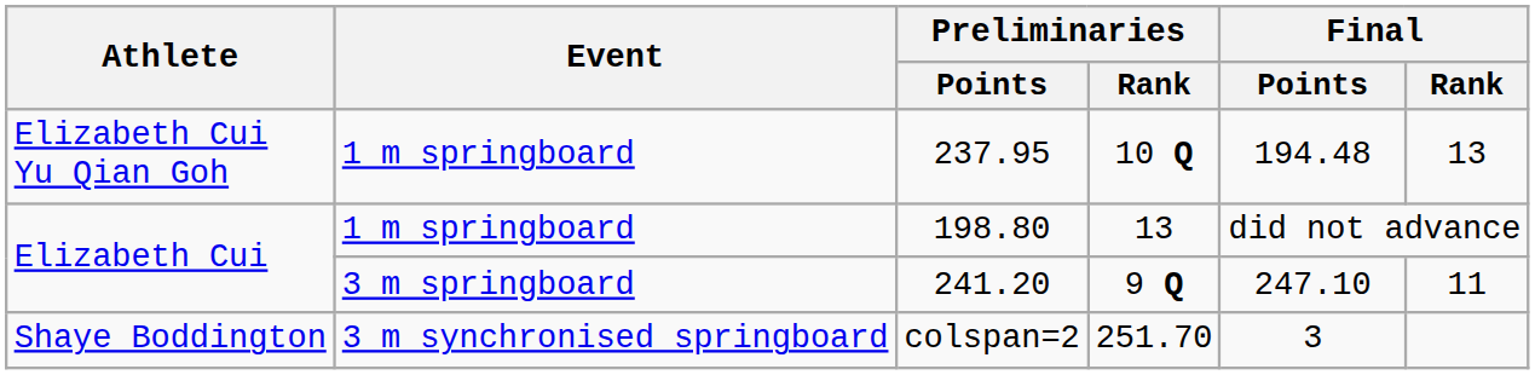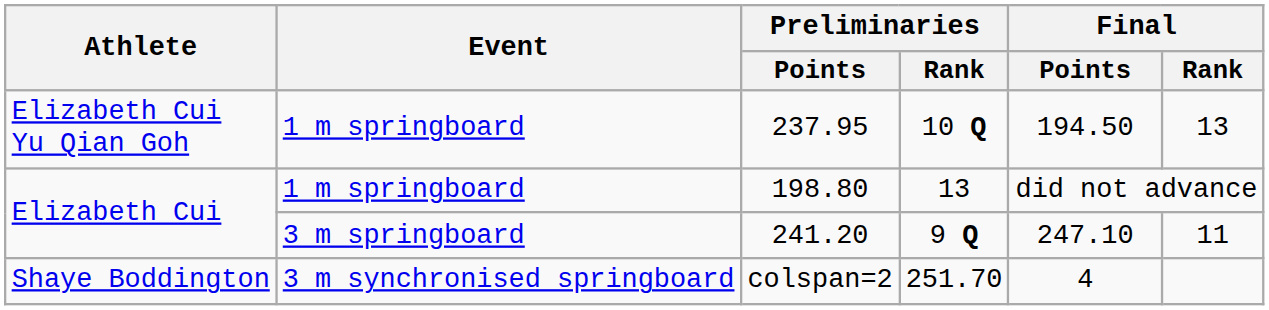 <table class="wikitable" style="font-size:90%;">
 <tr>
 <th rowspan=2>Athlete</th>
 <th rowspan=2>Event</th>
 <th colspan=2>Preliminaries</th>
 <th colspan=2>Final</th>
 </tr>
 <tr style="font-size:95%">
 <th>Points</th>
 <th>Rank</th>
 <th>Points</th>
 <th>Rank</th>
 </tr>
 <tr align=center>
 <td align=left><a href='#'>Elizabeth Cui</a><br><a href='#'>Yu Qian Goh</a></td>
 <td align=left><a href='#'>1 m springboard</a></td>
 <td>237.95</td>
 <td>10 <strong>Q</strong></td>
-<td>194.48</td>
+<td>194.50</td>
 <td>13</td>
 </tr>
 <tr align=center>
 <td align=left rowspan=2><a href='#'>Elizabeth Cui</a></td>
 <td align=left><a href='#'>1 m springboard</a></td>
 <td>198.80</td>
 <td>13</td>
 <td colspan=2>did not advance</td>
 </tr>
 <tr align=center>
 <td align=left><a href='#'>3 m springboard</a></td>
 <td>241.20</td>
 <td>9 <strong>Q</strong></td>
 <td>247.10</td>
 <td>11</td>
 </tr>
 <tr align=center>
 <td align=left><a href='#'>Shaye Boddington</a></td>
 <td align=left><a href='#'>3 m synchronised springboard</a></td>
 <td>colspan=2 </td>
 <td>251.70</td>
-<td>3</td>
+<td>4</td>
 </tr>
 </table>
